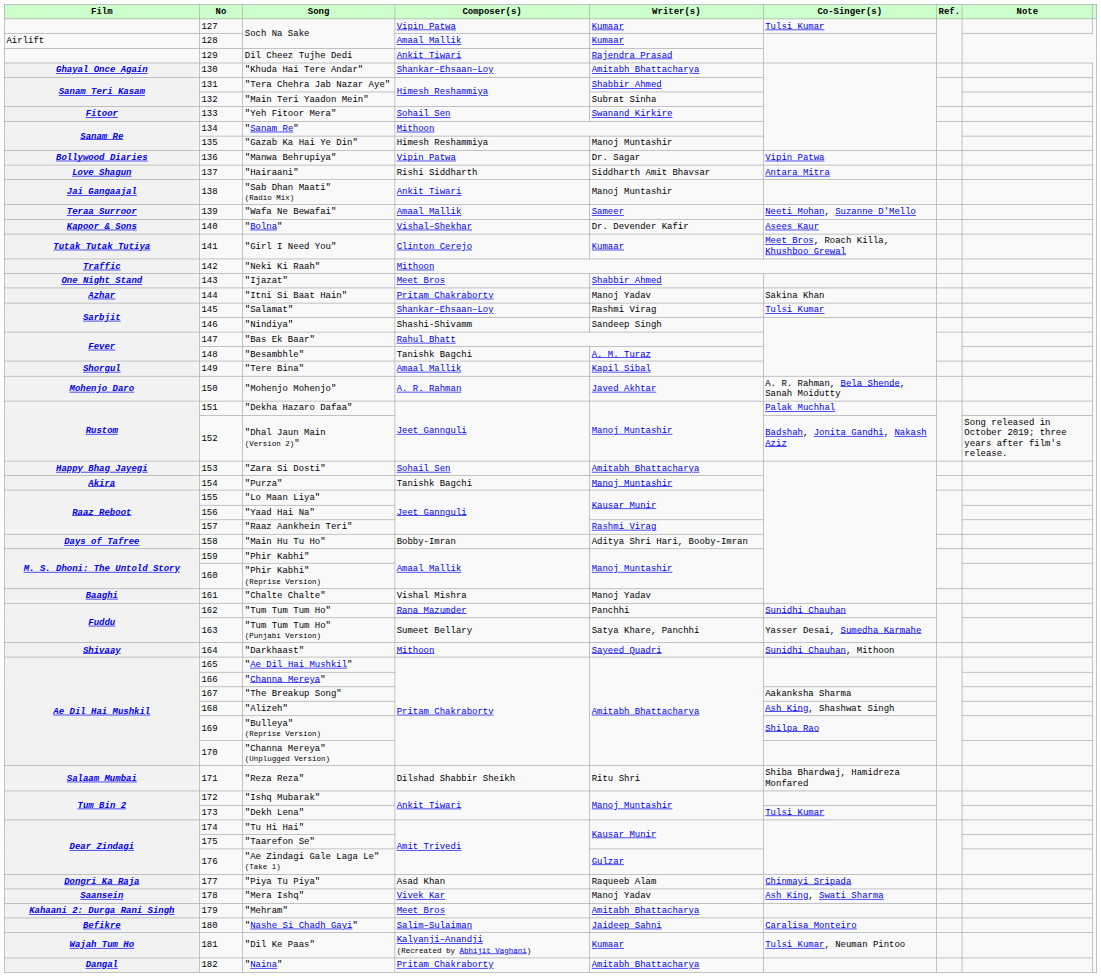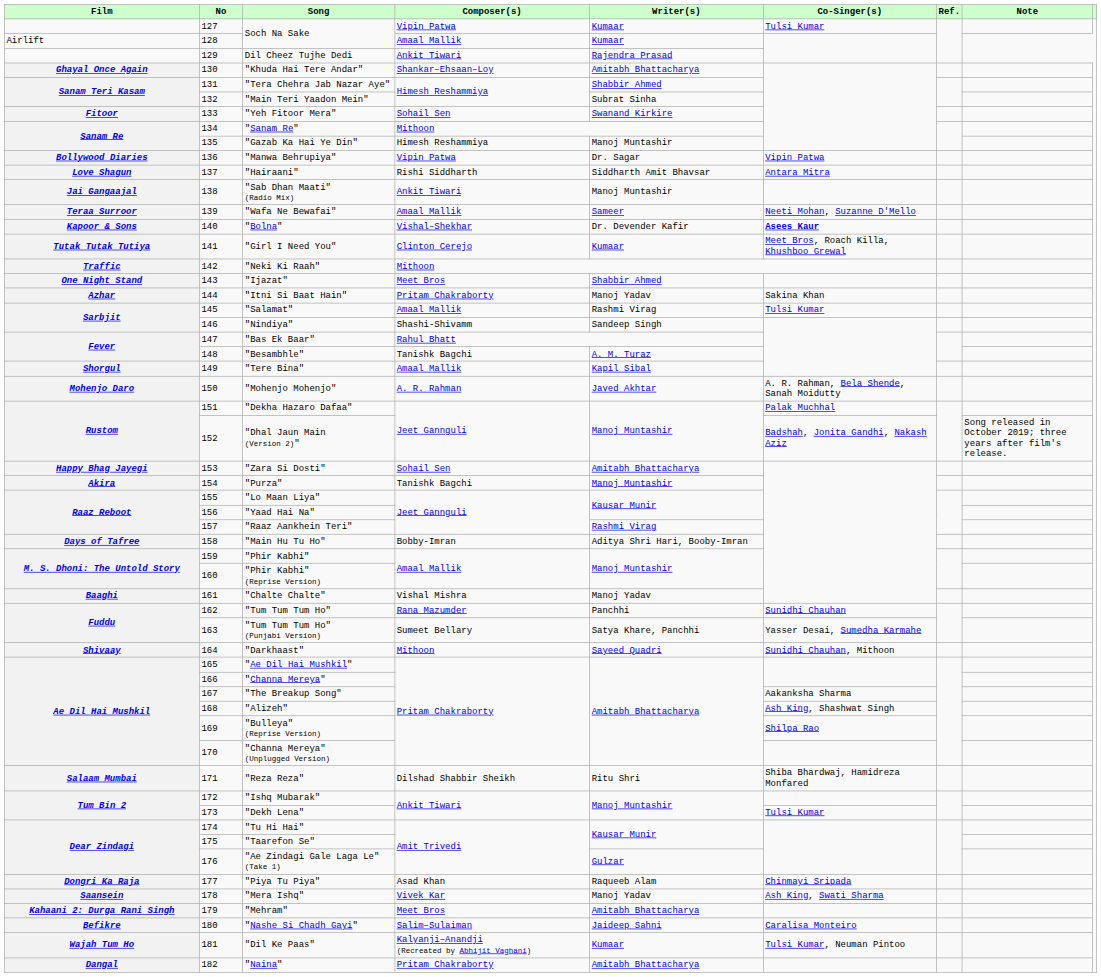 <table class="wikitable plainrowheaders" style="width:100%;" textcolor:#000;" style="align:center;">
 <tr style="background:#cfc; text-align:center;">
 <td scope="col" style="width:18%;"><strong>Film</strong></td>
 <td scope="col" style="width:4%;"><strong>No</strong></td>
 <td scope="col" style="width:14%;"><strong>Song</strong></td>
 <td scope="col" style="width:18%;"><strong>Composer(s)</strong></td>
 <td scope="col" style="width:16%;"><strong>Writer(s)</strong></td>
 <td scope="col" style="width:16%;"><strong>Co-Singer(s)</strong></td>
 <td scope="col" style="width:2%;"><strong>Ref.</strong></td>
 <td scope="col" style="width:12%;"><strong>Note</strong></td>
 <td></td>
 </tr>
 <tr>
 <td></td>
 <td>127</td>
 <td rowspan="2">Soch Na Sake</td>
 <td><a href='#'>Vipin Patwa</a></td>
 <td><a href='#'>Kumaar</a></td>
 <td><a href='#'>Tulsi Kumar</a></td>
 <td rowspan="3"></td>
 <td></td>
 </tr>
 <tr>
 <td>Airlift</td>
 <td>128</td>
 <td><a href='#'>Amaal Mallik</a></td>
 <td><a href='#'>Kumaar</a></td>
 </tr>
 <tr>
 <td></td>
 <td>129</td>
 <td>Dil Cheez Tujhe Dedi</td>
 <td><a href='#'>Ankit Tiwari</a></td>
 <td><a href='#'>Rajendra Prasad</a></td>
 </tr>
 <tr>
 <th scope="row"><em><a href='#'>Ghayal Once Again</a></em></th>
 <td>130</td>
 <td>"Khuda Hai Tere Andar"</td>
 <td><a href='#'>Shankar–Ehsaan–Loy</a></td>
 <td><a href='#'>Amitabh Bhattacharya</a></td>
 <td rowspan="6"></td>
 <td></td>
 <td></td>
 </tr>
 <tr>
 <th rowspan="2" scope="row"><em><a href='#'>Sanam Teri Kasam</a></em></th>
 <td>131</td>
 <td>"Tera Chehra Jab Nazar Aye"</td>
 <td rowspan="2"><a href='#'>Himesh Reshammiya</a></td>
 <td><a href='#'>Shabbir Ahmed</a></td>
 <td rowspan="2"></td>
 <td></td>
 </tr>
 <tr>
 <td>132</td>
 <td>"Main Teri Yaadon Mein"</td>
 <td>Subrat Sinha</td>
 <td></td>
 </tr>
 <tr>
 <th scope="row"><em><a href='#'>Fitoor</a></em></th>
 <td>133</td>
 <td>"Yeh Fitoor Mera"</td>
 <td><a href='#'>Sohail Sen</a></td>
 <td><a href='#'>Swanand Kirkire</a></td>
 <td></td>
 <td></td>
 </tr>
 <tr>
 <th rowspan="2" scope="row"><em><a href='#'>Sanam Re</a></em></th>
 <td>134</td>
 <td>"<a href='#'>Sanam Re</a>"</td>
 <td colspan="2"><a href='#'>Mithoon</a></td>
 <td rowspan="2"></td>
 <td></td>
 </tr>
 <tr>
 <td>135</td>
 <td>"Gazab Ka Hai Ye Din"</td>
 <td>Himesh Reshammiya</td>
 <td>Manoj Muntashir</td>
 <td></td>
 </tr>
 <tr>
 <th scope="row"><em><a href='#'>Bollywood Diaries</a></em></th>
 <td>136</td>
 <td>"Manwa Behrupiya"</td>
 <td><a href='#'>Vipin Patwa</a></td>
 <td>Dr. Sagar</td>
 <td><a href='#'>Vipin Patwa</a></td>
 <td></td>
 <td></td>
 </tr>
 <tr>
 <th scope="row"><em><a href='#'>Love Shagun</a></em></th>
 <td>137</td>
 <td>"Hairaani"</td>
 <td>Rishi Siddharth</td>
 <td>Siddharth Amit Bhavsar</td>
 <td><a href='#'>Antara Mitra</a></td>
 <td></td>
 <td></td>
 </tr>
 <tr>
 <th rowspan="1" scope="row"><em><a href='#'>Jai Gangaajal</a></em></th>
 <td>138</td>
 <td>"Sab Dhan Maati"<br><small>(Radio Mix)</small></td>
 <td><a href='#'>Ankit Tiwari</a></td>
 <td rowspan="1">Manoj Muntashir</td>
 <td rowspan="1"></td>
 <td></td>
 <td></td>
 </tr>
 <tr>
 <th scope="row"><em><a href='#'>Teraa Surroor</a></em></th>
 <td>139</td>
 <td>"Wafa Ne Bewafai"</td>
 <td><a href='#'>Amaal Mallik</a></td>
 <td><a href='#'>Sameer</a></td>
 <td><a href='#'>Neeti Mohan</a>, <a href='#'>Suzanne D'Mello</a></td>
 <td></td>
 <td></td>
 </tr>
 <tr>
 <th scope="row"><em><a href='#'>Kapoor & Sons</a></em></th>
 <td>140</td>
 <td>"<a href='#'>Bolna</a>"</td>
 <td><a href='#'>Vishal–Shekhar</a></td>
 <td>Dr. Devender Kafir</td>
-<td><a href='#'>Asees Kaur</a></td>
+<td><strong><a href='#'>Asees Kaur</a></strong></td>
 <td></td>
 <td></td>
 </tr>
 <tr>
 <th scope="row"><em><a href='#'>Tutak Tutak Tutiya</a></em></th>
 <td>141</td>
 <td>"Girl I Need You"</td>
 <td><a href='#'>Clinton Cerejo</a></td>
 <td><a href='#'>Kumaar</a></td>
 <td><a href='#'>Meet Bros</a>, Roach Killa, <a href='#'>Khushboo Grewal</a></td>
 <td></td>
 <td></td>
 </tr>
 <tr>
 <th scope="row"><em><a href='#'>Traffic</a></em></th>
 <td>142</td>
 <td>"Neki Ki Raah"</td>
 <td colspan="3"><a href='#'>Mithoon</a></td>
 <td></td>
 <td></td>
 </tr>
 <tr>
 <th scope="row"><em><a href='#'>One Night Stand</a></em></th>
 <td>143</td>
 <td>"Ijazat"</td>
 <td><a href='#'>Meet Bros</a></td>
 <td><a href='#'>Shabbir Ahmed</a></td>
 <td></td>
 <td></td>
 <td></td>
 </tr>
 <tr>
 <th scope="row"><em><a href='#'>Azhar</a></em></th>
 <td>144</td>
 <td>"Itni Si Baat Hain"</td>
 <td><a href='#'>Pritam Chakraborty</a></td>
 <td>Manoj Yadav</td>
 <td>Sakina Khan</td>
 <td></td>
 <td></td>
 </tr>
 <tr>
 <th rowspan="2" scope="row"><em><a href='#'>Sarbjit</a></em></th>
 <td>145</td>
 <td>"Salamat"</td>
-<td><a href='#'>Shankar–Ehsaan–Loy</a></td>
+<td><a href='#'>Amaal Mallik</a></td>
 <td>Rashmi Virag</td>
 <td><a href='#'>Tulsi Kumar</a></td>
 <td></td>
 <td></td>
 </tr>
 <tr>
 <td>146</td>
 <td>"Nindiya"</td>
 <td>Shashi-Shivamm</td>
 <td>Sandeep Singh</td>
 <td rowspan="4"></td>
 <td></td>
 <td></td>
 </tr>
 <tr>
 <th rowspan="2" scope="row"><em><a href='#'>Fever</a></em></th>
 <td>147</td>
 <td>"Bas Ek Baar"</td>
 <td colspan="2"><a href='#'>Rahul Bhatt</a></td>
 <td rowspan="2"></td>
 <td></td>
 </tr>
 <tr>
 <td>148</td>
 <td>"Besambhle"</td>
 <td>Tanishk Bagchi</td>
 <td><a href='#'>A. M. Turaz</a></td>
 <td></td>
 </tr>
 <tr>
 <th scope="row"><em><a href='#'>Shorgul</a></em></th>
 <td>149</td>
 <td>"Tere Bina"</td>
 <td><a href='#'>Amaal Mallik</a></td>
 <td><a href='#'>Kapil Sibal</a></td>
 <td></td>
 <td></td>
 </tr>
 <tr>
 <th scope="row"><em><a href='#'>Mohenjo Daro</a></em></th>
 <td>150</td>
 <td>"Mohenjo Mohenjo"</td>
 <td><a href='#'>A. R. Rahman</a></td>
 <td><a href='#'>Javed Akhtar</a></td>
 <td>A. R. Rahman, <a href='#'>Bela Shende</a>, Sanah Moidutty</td>
 <td></td>
 <td></td>
 </tr>
 <tr>
 <th rowspan="2" scope="row"><em><a href='#'>Rustom</a></em></th>
 <td>151</td>
 <td>"Dekha Hazaro Dafaa"</td>
 <td rowspan="2"><a href='#'>Jeet Gannguli</a></td>
 <td rowspan="2"><a href='#'>Manoj Muntashir</a></td>
 <td><a href='#'>Palak Muchhal</a></td>
 <td rowspan="2"></td>
 <td></td>
 </tr>
 <tr>
 <td>152</td>
 <td>"Dhal Jaun Main<br><small>(Version 2)</small>"</td>
 <td><a href='#'>Badshah</a>, <a href='#'>Jonita Gandhi</a>, <a href='#'>Nakash Aziz</a></td>
 <td>Song released in October 2019; three years after film's release.</td>
 </tr>
 <tr>
 <th scope="row"><em><a href='#'>Happy Bhag Jayegi</a></em></th>
 <td>153</td>
 <td>"Zara Si Dosti"</td>
 <td><a href='#'>Sohail Sen</a></td>
 <td><a href='#'>Amitabh Bhattacharya</a></td>
 <td rowspan="9"></td>
 <td></td>
 <td></td>
 </tr>
 <tr>
 <th scope="row"><em><a href='#'>Akira</a></em></th>
 <td>154</td>
 <td>"Purza"</td>
 <td>Tanishk Bagchi</td>
 <td><a href='#'>Manoj Muntashir</a></td>
 <td></td>
 <td></td>
 </tr>
 <tr>
 <th rowspan="3" scope="row"><em><a href='#'>Raaz Reboot</a></em></th>
 <td>155</td>
 <td>"Lo Maan Liya"</td>
 <td rowspan="3"><a href='#'>Jeet Gannguli</a></td>
 <td rowspan="2"><a href='#'>Kausar Munir</a></td>
 <td rowspan="3"></td>
 <td></td>
 </tr>
 <tr>
 <td>156</td>
 <td>"Yaad Hai Na"</td>
 <td></td>
 </tr>
 <tr>
 <td>157</td>
 <td>"Raaz Aankhein Teri"</td>
 <td><a href='#'>Rashmi Virag</a></td>
 <td></td>
 </tr>
 <tr>
 <th scope="row"><em><a href='#'>Days of Tafree</a></em></th>
 <td>158</td>
 <td>"Main Hu Tu Ho"</td>
 <td>Bobby-Imran</td>
 <td>Aditya Shri Hari, Booby-Imran</td>
 <td></td>
 <td></td>
 </tr>
 <tr>
 <th rowspan="2" scope="row"><em><a href='#'>M. S. Dhoni: The Untold Story</a></em></th>
 <td>159</td>
 <td>"Phir Kabhi"</td>
 <td rowspan="2"><a href='#'>Amaal Mallik</a></td>
 <td rowspan="2"><a href='#'>Manoj Muntashir</a></td>
 <td rowspan="2"><br></td>
 <td></td>
 </tr>
 <tr>
 <td>160</td>
 <td>"Phir Kabhi"<br><small>(Reprise Version)</small></td>
 <td></td>
 </tr>
 <tr>
 <th scope="row"><em><a href='#'>Baaghi</a></em></th>
 <td>161</td>
 <td>"Chalte Chalte"</td>
 <td>Vishal Mishra</td>
 <td>Manoj Yadav</td>
 <td></td>
 <td></td>
 </tr>
 <tr>
 <th rowspan="2" scope="row"><em><a href='#'>Fuddu</a></em></th>
 <td>162</td>
 <td>"Tum Tum Tum Ho"</td>
 <td><a href='#'>Rana Mazumder</a></td>
 <td>Panchhi</td>
 <td><a href='#'>Sunidhi Chauhan</a></td>
 <td rowspan="2"></td>
 <td></td>
 </tr>
 <tr>
 <td>163</td>
 <td>"Tum Tum Tum Ho"<br><small>(Punjabi Version)</small></td>
 <td>Sumeet Bellary</td>
 <td>Satya Khare, Panchhi</td>
 <td>Yasser Desai, <a href='#'>Sumedha Karmahe</a></td>
 <td></td>
 </tr>
 <tr>
 <th scope="row"><em><a href='#'>Shivaay</a></em></th>
 <td>164</td>
 <td>"Darkhaast"</td>
 <td><a href='#'>Mithoon</a></td>
 <td><a href='#'>Sayeed Quadri</a></td>
 <td><a href='#'>Sunidhi Chauhan</a>, Mithoon</td>
 <td></td>
 <td></td>
 </tr>
 <tr>
 <th rowspan="6" scope="row"><em><a href='#'>Ae Dil Hai Mushkil</a></em></th>
 <td>165</td>
 <td>"<a href='#'>Ae Dil Hai Mushkil</a>"</td>
 <td rowspan="6"><a href='#'>Pritam Chakraborty</a></td>
 <td rowspan="6"><a href='#'>Amitabh Bhattacharya</a></td>
 <td rowspan="2"></td>
 <td rowspan="6"></td>
 <td></td>
 </tr>
 <tr>
 <td>166</td>
 <td>"<a href='#'>Channa Mereya</a>"</td>
 <td></td>
 </tr>
 <tr>
 <td>167</td>
 <td>"The Breakup Song"</td>
 <td>Aakanksha Sharma</td>
 <td></td>
 </tr>
 <tr>
 <td>168</td>
 <td>"Alizeh"</td>
 <td><a href='#'>Ash King</a>, Shashwat Singh</td>
 <td></td>
 </tr>
 <tr>
 <td>169</td>
 <td>"Bulleya"<br><small>(Reprise Version)</small></td>
 <td><a href='#'>Shilpa Rao</a></td>
 <td></td>
 </tr>
 <tr>
 <td>170</td>
 <td>"Channa Mereya"<br><small>(Unplugged Version)</small></td>
 <td></td>
 <td></td>
 </tr>
 <tr>
 <th scope="row"><em><a href='#'>Salaam Mumbai</a></em></th>
 <td>171</td>
 <td>"Reza Reza"</td>
 <td>Dilshad Shabbir Sheikh</td>
 <td>Ritu Shri</td>
 <td>Shiba Bhardwaj, Hamidreza Monfared</td>
 <td></td>
 <td></td>
 </tr>
 <tr>
 <th rowspan="2" scope="row"><em><a href='#'>Tum Bin 2</a></em></th>
 <td>172</td>
 <td>"Ishq Mubarak"</td>
 <td rowspan="2"><a href='#'>Ankit Tiwari</a></td>
 <td rowspan="2"><a href='#'>Manoj Muntashir</a></td>
 <td></td>
 <td rowspan="2"></td>
 <td></td>
 </tr>
 <tr>
 <td>173</td>
 <td>"Dekh Lena"</td>
 <td><a href='#'>Tulsi Kumar</a></td>
 <td></td>
 </tr>
 <tr>
 <th rowspan="3" scope="row"><em><a href='#'>Dear Zindagi</a></em></th>
 <td>174</td>
 <td>"Tu Hi Hai"</td>
 <td rowspan="3"><a href='#'>Amit Trivedi</a></td>
 <td rowspan="2"><a href='#'>Kausar Munir</a></td>
 <td rowspan="3"></td>
 <td rowspan="3"></td>
 <td></td>
 </tr>
 <tr>
 <td>175</td>
 <td>"Taarefon Se"</td>
 <td></td>
 </tr>
 <tr>
 <td>176</td>
 <td>"Ae Zindagi Gale Laga Le"<br><small>(Take 1)</small></td>
 <td><a href='#'>Gulzar</a></td>
 <td></td>
 </tr>
 <tr>
 <th scope="row"><em><a href='#'>Dongri Ka Raja</a></em></th>
 <td>177</td>
 <td>"Piya Tu Piya"</td>
 <td>Asad Khan</td>
 <td>Raqueeb Alam</td>
 <td><a href='#'>Chinmayi Sripada</a></td>
 <td></td>
 <td></td>
 </tr>
 <tr>
 <th scope="row"><em><a href='#'>Saansein</a></em></th>
 <td>178</td>
 <td>"Mera Ishq"</td>
 <td><a href='#'>Vivek Kar</a></td>
 <td>Manoj Yadav</td>
 <td><a href='#'>Ash King</a>, <a href='#'>Swati Sharma</a></td>
 <td></td>
 <td></td>
 </tr>
 <tr>
 <th scope="row"><em><a href='#'>Kahaani 2: Durga Rani Singh</a></em></th>
 <td>179</td>
 <td>"Mehram"</td>
 <td><a href='#'>Meet Bros</a></td>
 <td><a href='#'>Amitabh Bhattacharya</a></td>
 <td></td>
 <td></td>
 <td></td>
 </tr>
 <tr>
 <th scope="row"><em><a href='#'>Befikre</a></em></th>
 <td>180</td>
 <td>"<a href='#'>Nashe Si Chadh Gayi</a>"</td>
 <td rowspan="1"><a href='#'>Salim–Sulaiman</a></td>
 <td><a href='#'>Jaideep Sahni</a></td>
 <td><a href='#'>Caralisa Monteiro</a></td>
 <td></td>
 <td></td>
 </tr>
 <tr>
 <th scope="row"><em><a href='#'>Wajah Tum Ho</a></em></th>
 <td>181</td>
 <td>"Dil Ke Paas"</td>
 <td><a href='#'>Kalyanji–Anandji</a><br><small>(Recreated by <a href='#'>Abhijit Vaghani</a>)</small></td>
 <td><a href='#'>Kumaar</a></td>
 <td><a href='#'>Tulsi Kumar</a>, Neuman Pintoo</td>
 <td></td>
 <td></td>
 </tr>
 <tr>
 <th scope="row"><em><a href='#'>Dangal</a></em></th>
 <td>182</td>
 <td>"<a href='#'>Naina</a>"</td>
 <td><a href='#'>Pritam Chakraborty</a></td>
 <td><a href='#'>Amitabh Bhattacharya</a></td>
 <td></td>
 <td></td>
 <td></td>
 </tr>
 </table>
